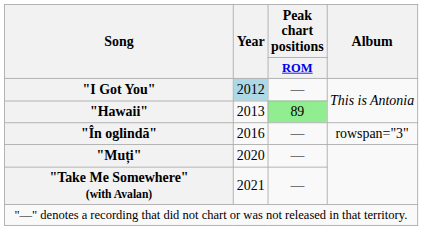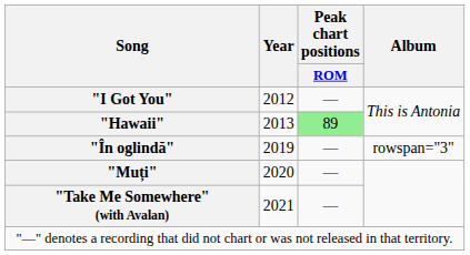 <table class="wikitable plainrowheaders" style="text-align:center;" border="1">
 <tr>
 <th scope="col" rowspan="2" style="width:16em;">Song</th>
 <th scope="col" rowspan="2">Year</th>
 <th scope="col" colspan="1">Peak chart positions</th>
 <th scope="col" rowspan="2">Album</th>
 </tr>
 <tr>
 <th scope="col" style="width:3em;font-size:90%;"><a href='#'>ROM</a><br></th>
 </tr>
 <tr>
 <th scope="row">"I Got You"</th>
-<td style="background: lightblue;">2012</td>
+<td>2012</td>
 <td>—</td>
 <td rowspan="2"><em>This is Antonia</em></td>
 </tr>
 <tr>
 <th scope="row">"Hawaii"</th>
 <td>2013</td>
 <td style="background: lightgreen;">89</td>
 </tr>
 <tr>
 <th scope="row">"În oglindă"</th>
-<td>2016</td>
+<td>2019</td>
 <td>—</td>
 <td>rowspan="3" </td>
 </tr>
 <tr>
 <th scope="row">"Muți"</th>
 <td>2020</td>
 <td>—</td>
 </tr>
 <tr>
 <th scope="row">"Take Me Somewhere"<br><small>(with Avalan)</small></th>
 <td>2021</td>
 <td>—</td>
 </tr>
 <tr>
 <td colspan="4" style="font-size:90%">"—" denotes a recording that did not chart or was not released in that territory.</td>
 </tr>
 </table>
